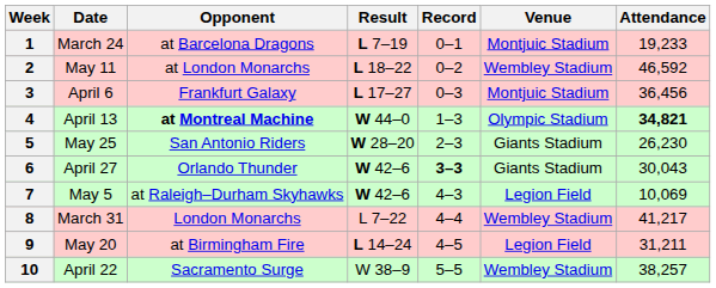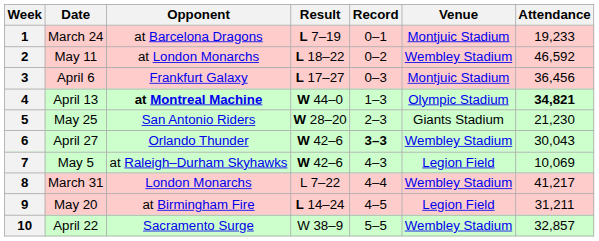 <table class="wikitable" style="text-align:center;">
 <tr>
 <th>Week</th>
 <th>Date</th>
 <th>Opponent</th>
 <th>Result</th>
 <th>Record</th>
 <th>Venue</th>
 <th>Attendance</th>
 </tr>
 <tr style="background:#fcc">
 <th>1</th>
 <td>March 24</td>
 <td>at <a href='#'>Barcelona Dragons</a></td>
 <td><strong>L</strong> 7–19</td>
 <td>0–1</td>
 <td><a href='#'>Montjuic Stadium</a></td>
 <td>19,233</td>
 </tr>
 <tr style="background:#fcc">
 <th>2</th>
 <td>May 11</td>
 <td>at <a href='#'>London Monarchs</a></td>
 <td><strong>L</strong> 18–22</td>
 <td>0–2</td>
 <td><a href='#'>Wembley Stadium</a></td>
 <td>46,592</td>
 </tr>
 <tr style="background:#fcc">
 <th>3</th>
 <td>April 6</td>
 <td><a href='#'>Frankfurt Galaxy</a></td>
 <td><strong>L</strong> 17–27</td>
 <td>0–3</td>
 <td><a href='#'>Montjuic Stadium</a></td>
 <td>36,456</td>
 </tr>
 <tr style="background:#cfc">
 <th>4</th>
 <td>April 13</td>
 <td><strong>at <a href='#'>Montreal Machine</a></strong></td>
 <td><strong>W</strong> 44–0</td>
 <td>1–3</td>
 <td><a href='#'>Olympic Stadium</a></td>
 <td><strong>34,821</strong></td>
 </tr>
 <tr style="background:#cfc">
 <th>5</th>
 <td>May 25</td>
 <td><a href='#'>San Antonio Riders</a></td>
 <td><strong>W</strong> 28–20</td>
 <td>2–3</td>
 <td>Giants Stadium</td>
-<td>26,230</td>
+<td>21,230</td>
 </tr>
 <tr style="background:#cfc">
 <th>6</th>
 <td>April 27</td>
 <td><a href='#'>Orlando Thunder</a></td>
 <td><strong>W</strong> 42–6</td>
 <td><strong>3–3</strong></td>
-<td>Giants Stadium</td>
+<td><a href='#'>Wembley Stadium</a></td>
 <td>30,043</td>
 </tr>
 <tr style="background:#cfc">
 <th>7</th>
 <td>May 5</td>
 <td>at <a href='#'>Raleigh–Durham Skyhawks</a></td>
 <td><strong>W</strong> 42–6</td>
 <td>4–3</td>
 <td><a href='#'>Legion Field</a></td>
 <td>10,069</td>
 </tr>
 <tr style="background:#fcc">
 <th>8</th>
 <td>March 31</td>
 <td><a href='#'>London Monarchs</a></td>
 <td>L 7–22</td>
 <td>4–4</td>
 <td><a href='#'>Wembley Stadium</a></td>
 <td>41,217</td>
 </tr>
 <tr style="background:#fcc">
 <th>9</th>
 <td>May 20</td>
 <td>at <a href='#'>Birmingham Fire</a></td>
 <td><strong>L</strong> 14–24</td>
 <td>4–5</td>
 <td><a href='#'>Legion Field</a></td>
 <td>31,211</td>
 </tr>
 <tr style="background:#cfc">
 <th>10</th>
 <td>April 22</td>
 <td><a href='#'>Sacramento Surge</a></td>
 <td>W 38–9</td>
 <td>5–5</td>
 <td><a href='#'>Wembley Stadium</a></td>
-<td>38,257</td>
+<td>32,857</td>
 </tr>
 </table>
